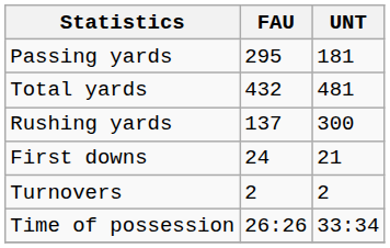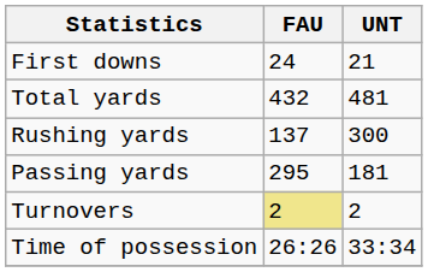 <table class="wikitable">
 <tr>
 <th>Statistics</th>
 <th>FAU</th>
 <th>UNT</th>
 </tr>
 <tr>
-<td>Passing yards</td>
-<td>295</td>
-<td>181</td>
+<td>First downs</td>
+<td>24</td>
+<td>21</td>
 </tr>
 <tr>
 <td>Total yards</td>
 <td>432</td>
 <td>481</td>
 </tr>
 <tr>
 <td>Rushing yards</td>
 <td>137</td>
 <td>300</td>
 </tr>
 <tr>
-<td>First downs</td>
-<td>24</td>
-<td>21</td>
+<td>Passing yards</td>
+<td>295</td>
+<td>181</td>
 </tr>
 <tr>
 <td>Turnovers</td>
-<td>2</td>
+<td style="background: khaki;">2</td>
 <td>2</td>
 </tr>
 <tr>
 <td>Time of possession</td>
 <td>26:26</td>
 <td>33:34</td>
 </tr>
 <tr>
 </tr>
 </table>
